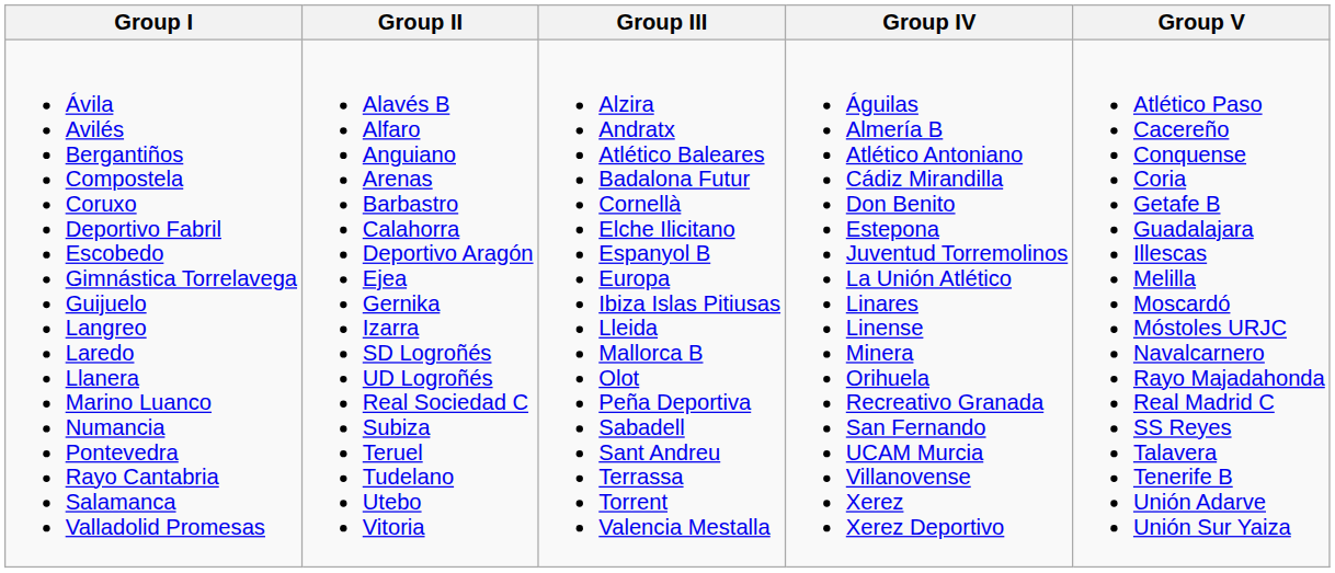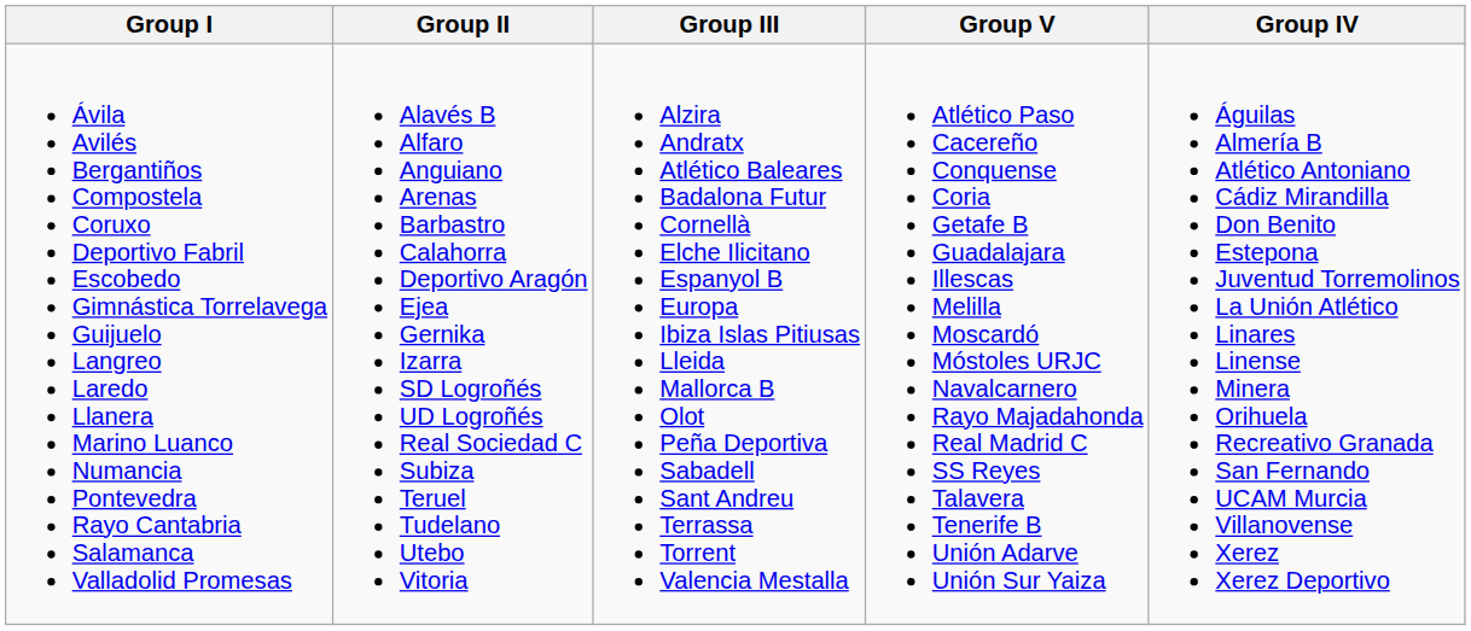 <table class="wikitable">
 <tr>
 <th>Group I</th>
 <th>Group II</th>
 <th>Group III</th>
+<th>Group V</th>
 <th>Group IV</th>
-<th>Group V</th>
 </tr>
 <tr>
 <td><br><ul><li><a href='#'>Ávila</a></li><li><a href='#'>Avilés</a></li><li><a href='#'>Bergantiños</a></li><li><a href='#'>Compostela</a></li><li><a href='#'>Coruxo</a></li><li><a href='#'>Deportivo Fabril</a></li><li><a href='#'>Escobedo</a></li><li><a href='#'>Gimnástica Torrelavega</a></li><li><a href='#'>Guijuelo</a></li><li><a href='#'>Langreo</a></li><li><a href='#'>Laredo</a></li><li><a href='#'>Llanera</a></li><li><a href='#'>Marino Luanco</a></li><li><a href='#'>Numancia</a></li><li><a href='#'>Pontevedra</a></li><li><a href='#'>Rayo Cantabria</a></li><li><a href='#'>Salamanca</a></li><li><a href='#'>Valladolid Promesas</a></li></ul></td>
 <td><br><ul><li><a href='#'>Alavés B</a></li><li><a href='#'>Alfaro</a></li><li><a href='#'>Anguiano</a></li><li><a href='#'>Arenas</a></li><li><a href='#'>Barbastro</a></li><li><a href='#'>Calahorra</a></li><li><a href='#'>Deportivo Aragón</a></li><li><a href='#'>Ejea</a></li><li><a href='#'>Gernika</a></li><li><a href='#'>Izarra</a></li><li><a href='#'>SD Logroñés</a></li><li><a href='#'>UD Logroñés</a></li><li><a href='#'>Real Sociedad C</a></li><li><a href='#'>Subiza</a></li><li><a href='#'>Teruel</a></li><li><a href='#'>Tudelano</a></li><li><a href='#'>Utebo</a></li><li><a href='#'>Vitoria</a></li></ul></td>
 <td><br><ul><li><a href='#'>Alzira</a></li><li><a href='#'>Andratx</a></li><li><a href='#'>Atlético Baleares</a></li><li><a href='#'>Badalona Futur</a></li><li><a href='#'>Cornellà</a></li><li><a href='#'>Elche Ilicitano</a></li><li><a href='#'>Espanyol B</a></li><li><a href='#'>Europa</a></li><li><a href='#'>Ibiza Islas Pitiusas</a></li><li><a href='#'>Lleida</a></li><li><a href='#'>Mallorca B</a></li><li><a href='#'>Olot</a></li><li><a href='#'>Peña Deportiva</a></li><li><a href='#'>Sabadell</a></li><li><a href='#'>Sant Andreu</a></li><li><a href='#'>Terrassa</a></li><li><a href='#'>Torrent</a></li><li><a href='#'>Valencia Mestalla</a></li></ul></td>
+<td><br><ul><li><a href='#'>Atlético Paso</a></li><li><a href='#'>Cacereño</a></li><li><a href='#'>Conquense</a></li><li><a href='#'>Coria</a></li><li><a href='#'>Getafe B</a></li><li><a href='#'>Guadalajara</a></li><li><a href='#'>Illescas</a></li><li><a href='#'>Melilla</a></li><li><a href='#'>Moscardó</a></li><li><a href='#'>Móstoles URJC</a></li><li><a href='#'>Navalcarnero</a></li><li><a href='#'>Rayo Majadahonda</a></li><li><a href='#'>Real Madrid C</a></li><li><a href='#'>SS Reyes</a></li><li><a href='#'>Talavera</a></li><li><a href='#'>Tenerife B</a></li><li><a href='#'>Unión Adarve</a></li><li><a href='#'>Unión Sur Yaiza</a></li></ul></td>
 <td><br><ul><li><a href='#'>Águilas</a></li><li><a href='#'>Almería B</a></li><li><a href='#'>Atlético Antoniano</a></li><li><a href='#'>Cádiz Mirandilla</a></li><li><a href='#'>Don Benito</a></li><li><a href='#'>Estepona</a></li><li><a href='#'>Juventud Torremolinos</a></li><li><a href='#'>La Unión Atlético</a></li><li><a href='#'>Linares</a></li><li><a href='#'>Linense</a></li><li><a href='#'>Minera</a></li><li><a href='#'>Orihuela</a></li><li><a href='#'>Recreativo Granada</a></li><li><a href='#'>San Fernando</a></li><li><a href='#'>UCAM Murcia</a></li><li><a href='#'>Villanovense</a></li><li><a href='#'>Xerez</a></li><li><a href='#'>Xerez Deportivo</a></li></ul></td>
-<td><br><ul><li><a href='#'>Atlético Paso</a></li><li><a href='#'>Cacereño</a></li><li><a href='#'>Conquense</a></li><li><a href='#'>Coria</a></li><li><a href='#'>Getafe B</a></li><li><a href='#'>Guadalajara</a></li><li><a href='#'>Illescas</a></li><li><a href='#'>Melilla</a></li><li><a href='#'>Moscardó</a></li><li><a href='#'>Móstoles URJC</a></li><li><a href='#'>Navalcarnero</a></li><li><a href='#'>Rayo Majadahonda</a></li><li><a href='#'>Real Madrid C</a></li><li><a href='#'>SS Reyes</a></li><li><a href='#'>Talavera</a></li><li><a href='#'>Tenerife B</a></li><li><a href='#'>Unión Adarve</a></li><li><a href='#'>Unión Sur Yaiza</a></li></ul></td>
 </tr>
 </table>
